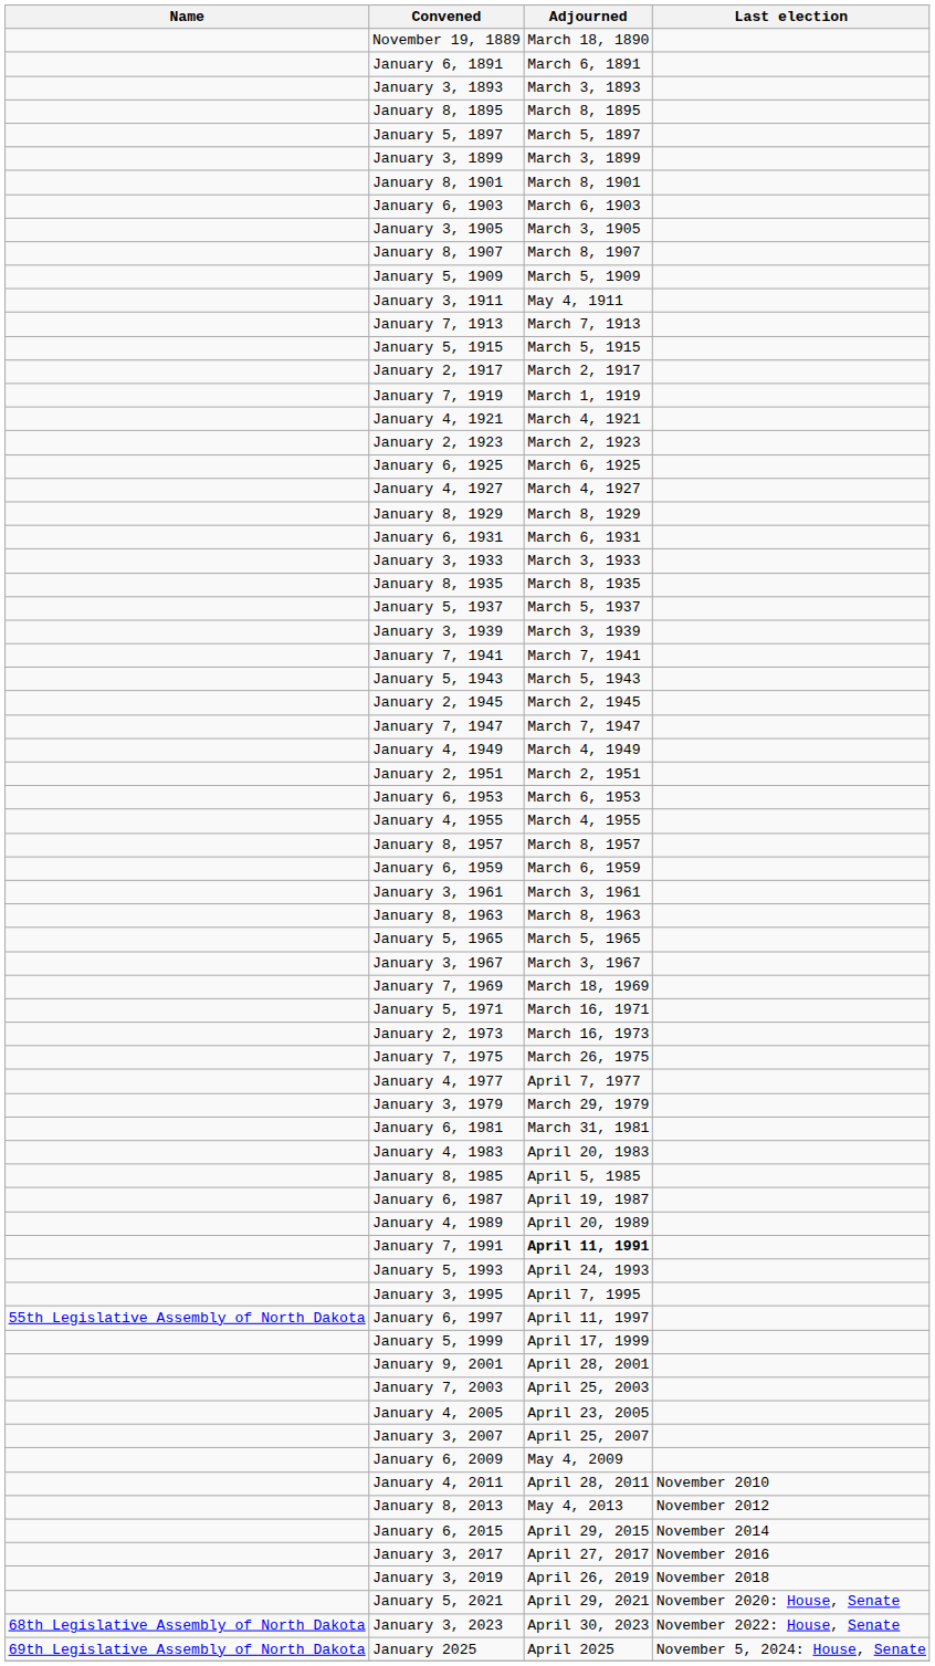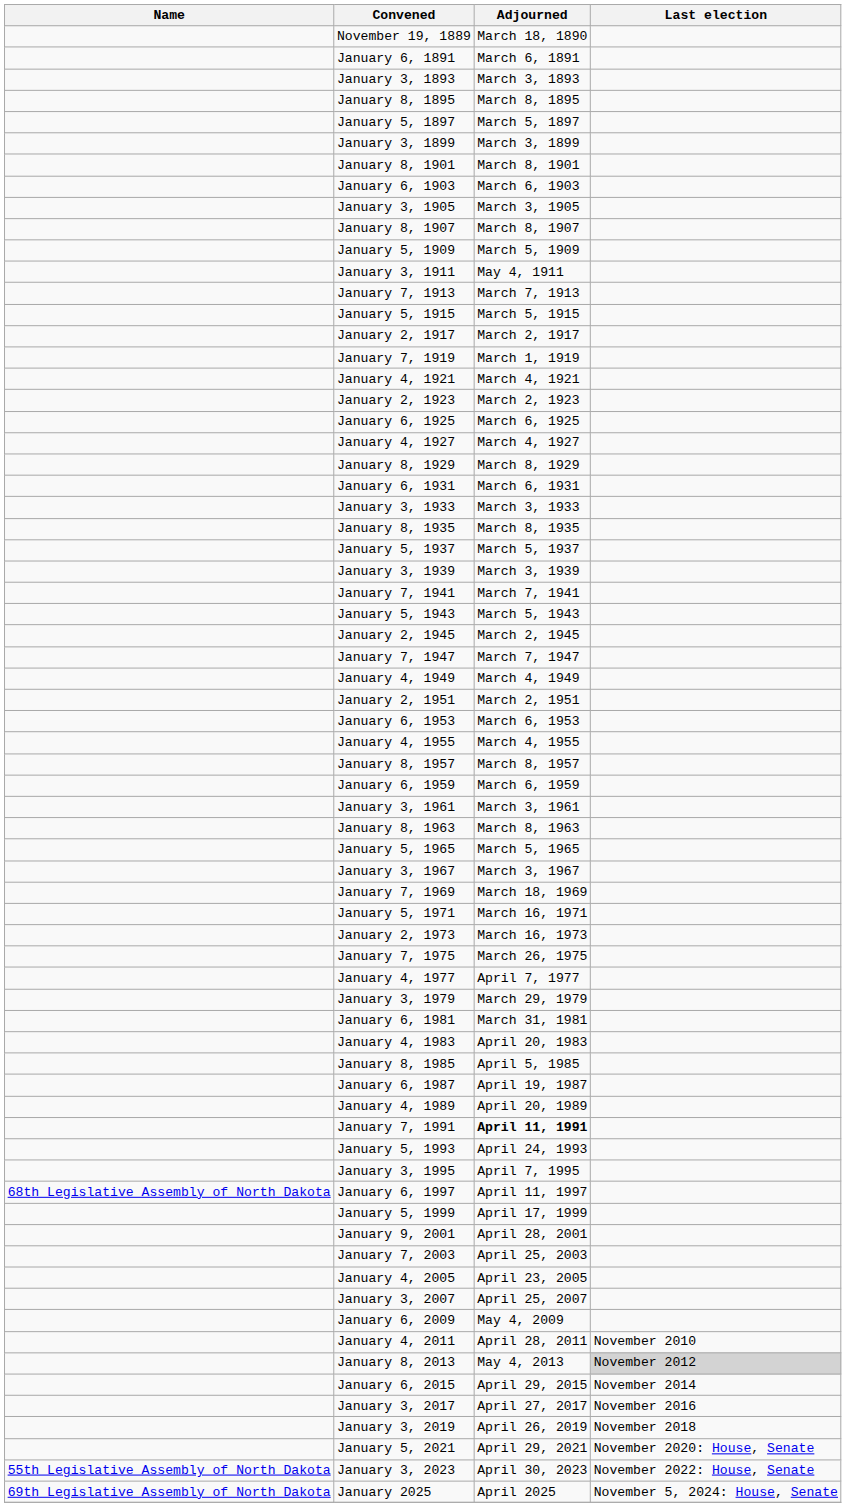 <table class="wikitable mw-datatable sticky-header">
 <tr>
 <th>Name</th>
 <th>Convened</th>
 <th>Adjourned</th>
 <th>Last election</th>
 </tr>
 <tr>
 <td></td>
 <td>November 19, 1889</td>
 <td>March 18, 1890</td>
 <td></td>
 </tr>
 <tr>
 <td></td>
 <td>January 6, 1891</td>
 <td>March 6, 1891</td>
 <td></td>
 </tr>
 <tr>
 <td></td>
 <td>January 3, 1893</td>
 <td>March 3, 1893</td>
 <td></td>
 </tr>
 <tr>
 <td></td>
 <td>January 8, 1895</td>
 <td>March 8, 1895</td>
 <td></td>
 </tr>
 <tr>
 <td></td>
 <td>January 5, 1897</td>
 <td>March 5, 1897</td>
 <td></td>
 </tr>
 <tr>
 <td></td>
 <td>January 3, 1899</td>
 <td>March 3, 1899</td>
 <td></td>
 </tr>
 <tr>
 <td></td>
 <td>January 8, 1901</td>
 <td>March 8, 1901</td>
 <td></td>
 </tr>
 <tr>
 <td></td>
 <td>January 6, 1903</td>
 <td>March 6, 1903</td>
 <td></td>
 </tr>
 <tr>
 <td></td>
 <td>January 3, 1905</td>
 <td>March 3, 1905</td>
 <td></td>
 </tr>
 <tr>
 <td></td>
 <td>January 8, 1907</td>
 <td>March 8, 1907</td>
 <td></td>
 </tr>
 <tr>
 <td></td>
 <td>January 5, 1909</td>
 <td>March 5, 1909</td>
 <td></td>
 </tr>
 <tr>
 <td></td>
 <td>January 3, 1911</td>
 <td>May 4, 1911</td>
 <td></td>
 </tr>
 <tr>
 <td></td>
 <td>January 7, 1913</td>
 <td>March 7, 1913</td>
 <td></td>
 </tr>
 <tr>
 <td></td>
 <td>January 5, 1915</td>
 <td>March 5, 1915</td>
 <td></td>
 </tr>
 <tr>
 <td></td>
 <td>January 2, 1917</td>
 <td>March 2, 1917</td>
 <td></td>
 </tr>
 <tr>
 <td></td>
 <td>January 7, 1919</td>
 <td>March 1, 1919</td>
 <td></td>
 </tr>
 <tr>
 <td></td>
 <td>January 4, 1921</td>
 <td>March 4, 1921</td>
 <td></td>
 </tr>
 <tr>
 <td></td>
 <td>January 2, 1923</td>
 <td>March 2, 1923</td>
 <td></td>
 </tr>
 <tr>
 <td></td>
 <td>January 6, 1925</td>
 <td>March 6, 1925</td>
 <td></td>
 </tr>
 <tr>
 <td></td>
 <td>January 4, 1927</td>
 <td>March 4, 1927</td>
 <td></td>
 </tr>
 <tr>
 <td></td>
 <td>January 8, 1929</td>
 <td>March 8, 1929</td>
 <td></td>
 </tr>
 <tr>
 <td></td>
 <td>January 6, 1931</td>
 <td>March 6, 1931</td>
 <td></td>
 </tr>
 <tr>
 <td></td>
 <td>January 3, 1933</td>
 <td>March 3, 1933</td>
 <td></td>
 </tr>
 <tr>
 <td></td>
 <td>January 8, 1935</td>
 <td>March 8, 1935</td>
 <td></td>
 </tr>
 <tr>
 <td></td>
 <td>January 5, 1937</td>
 <td>March 5, 1937</td>
 <td></td>
 </tr>
 <tr>
 <td></td>
 <td>January 3, 1939</td>
 <td>March 3, 1939</td>
 <td></td>
 </tr>
 <tr>
 <td></td>
 <td>January 7, 1941</td>
 <td>March 7, 1941</td>
 <td></td>
 </tr>
 <tr>
 <td></td>
 <td>January 5, 1943</td>
 <td>March 5, 1943</td>
 <td></td>
 </tr>
 <tr>
 <td></td>
 <td>January 2, 1945</td>
 <td>March 2, 1945</td>
 <td></td>
 </tr>
 <tr>
 <td></td>
 <td>January 7, 1947</td>
 <td>March 7, 1947</td>
 <td></td>
 </tr>
 <tr>
 <td></td>
 <td>January 4, 1949</td>
 <td>March 4, 1949</td>
 <td></td>
 </tr>
 <tr>
 <td></td>
 <td>January 2, 1951</td>
 <td>March 2, 1951</td>
 <td></td>
 </tr>
 <tr>
 <td></td>
 <td>January 6, 1953</td>
 <td>March 6, 1953</td>
 <td></td>
 </tr>
 <tr>
 <td></td>
 <td>January 4, 1955</td>
 <td>March 4, 1955</td>
 <td></td>
 </tr>
 <tr>
 <td></td>
 <td>January 8, 1957</td>
 <td>March 8, 1957</td>
 <td></td>
 </tr>
 <tr>
 <td></td>
 <td>January 6, 1959</td>
 <td>March 6, 1959</td>
 <td></td>
 </tr>
 <tr>
 <td></td>
 <td>January 3, 1961</td>
 <td>March 3, 1961</td>
 <td></td>
 </tr>
 <tr>
 <td></td>
 <td>January 8, 1963</td>
 <td>March 8, 1963</td>
 <td></td>
 </tr>
 <tr>
 <td></td>
 <td>January 5, 1965</td>
 <td>March 5, 1965</td>
 <td></td>
 </tr>
 <tr>
 <td></td>
 <td>January 3, 1967</td>
 <td>March 3, 1967</td>
 <td></td>
 </tr>
 <tr>
 <td></td>
 <td>January 7, 1969</td>
 <td>March 18, 1969</td>
 <td></td>
 </tr>
 <tr>
 <td></td>
 <td>January 5, 1971</td>
 <td>March 16, 1971</td>
 <td></td>
 </tr>
 <tr>
 <td></td>
 <td>January 2, 1973</td>
 <td>March 16, 1973</td>
 <td></td>
 </tr>
 <tr>
 <td></td>
 <td>January 7, 1975</td>
 <td>March 26, 1975</td>
 <td></td>
 </tr>
 <tr>
 <td></td>
 <td>January 4, 1977</td>
 <td>April 7, 1977</td>
 <td></td>
 </tr>
 <tr>
 <td></td>
 <td>January 3, 1979</td>
 <td>March 29, 1979</td>
 <td></td>
 </tr>
 <tr>
 <td></td>
 <td>January 6, 1981</td>
 <td>March 31, 1981</td>
 <td></td>
 </tr>
 <tr>
 <td></td>
 <td>January 4, 1983</td>
 <td>April 20, 1983</td>
 <td></td>
 </tr>
 <tr>
 <td></td>
 <td>January 8, 1985</td>
 <td>April 5, 1985</td>
 <td></td>
 </tr>
 <tr>
 <td></td>
 <td>January 6, 1987</td>
 <td>April 19, 1987</td>
 <td></td>
 </tr>
 <tr>
 <td></td>
 <td>January 4, 1989</td>
 <td>April 20, 1989</td>
 <td></td>
 </tr>
 <tr>
 <td></td>
 <td>January 7, 1991</td>
 <td><strong>April 11, 1991</strong></td>
 <td></td>
 </tr>
 <tr>
 <td></td>
 <td>January 5, 1993</td>
 <td>April 24, 1993</td>
 <td></td>
 </tr>
 <tr>
 <td></td>
 <td>January 3, 1995</td>
 <td>April 7, 1995</td>
 <td></td>
 </tr>
 <tr>
-<td><a href='#'>55th Legislative Assembly of North Dakota</a></td>
+<td><a href='#'>68th Legislative Assembly of North Dakota</a></td>
 <td>January 6, 1997</td>
 <td>April 11, 1997</td>
 <td></td>
 </tr>
 <tr>
 <td></td>
 <td>January 5, 1999</td>
 <td>April 17, 1999</td>
 <td></td>
 </tr>
 <tr>
 <td></td>
 <td>January 9, 2001</td>
 <td>April 28, 2001</td>
 <td></td>
 </tr>
 <tr>
 <td></td>
 <td>January 7, 2003</td>
 <td>April 25, 2003</td>
 <td></td>
 </tr>
 <tr>
 <td></td>
 <td>January 4, 2005</td>
 <td>April 23, 2005</td>
 <td></td>
 </tr>
 <tr>
 <td></td>
 <td>January 3, 2007</td>
 <td>April 25, 2007</td>
 <td></td>
 </tr>
 <tr>
 <td></td>
 <td>January 6, 2009</td>
 <td>May 4, 2009</td>
 <td></td>
 </tr>
 <tr>
 <td></td>
 <td>January 4, 2011</td>
 <td>April 28, 2011</td>
 <td>November 2010</td>
 </tr>
 <tr>
 <td></td>
 <td>January 8, 2013</td>
 <td>May 4, 2013</td>
-<td>November 2012</td>
+<td style="background: lightgrey;">November 2012</td>
 </tr>
 <tr>
 <td></td>
 <td>January 6, 2015</td>
 <td>April 29, 2015</td>
 <td>November 2014</td>
 </tr>
 <tr>
 <td></td>
 <td>January 3, 2017</td>
 <td>April 27, 2017</td>
 <td>November 2016</td>
 </tr>
 <tr>
 <td></td>
 <td>January 3, 2019</td>
 <td>April 26, 2019</td>
 <td>November 2018</td>
 </tr>
 <tr>
 <td></td>
 <td>January 5, 2021</td>
 <td>April 29, 2021</td>
 <td>November 2020: <a href='#'>House</a>, <a href='#'>Senate</a></td>
 </tr>
 <tr>
-<td><a href='#'>68th Legislative Assembly of North Dakota</a></td>
+<td><a href='#'>55th Legislative Assembly of North Dakota</a></td>
 <td>January 3, 2023</td>
 <td>April 30, 2023</td>
 <td>November 2022: <a href='#'>House</a>, <a href='#'>Senate</a></td>
 </tr>
 <tr>
 <td><a href='#'>69th Legislative Assembly of North Dakota</a></td>
 <td>January 2025</td>
 <td>April 2025</td>
 <td>November 5, 2024: <a href='#'>House</a>, <a href='#'>Senate</a></td>
 </tr>
 <tr>
 </tr>
 </table>
